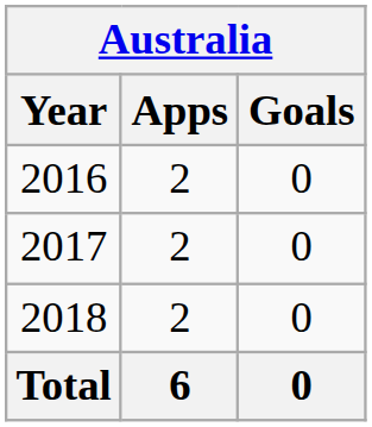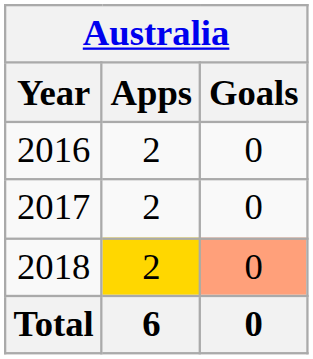 <table class="wikitable" style="text-align:center">
 <tr>
 <th colspan="3"><a href='#'>Australia</a></th>
 </tr>
 <tr>
 <th>Year</th>
 <th>Apps</th>
 <th>Goals</th>
 </tr>
 <tr>
 <td>2016</td>
 <td>2</td>
 <td>0</td>
 </tr>
 <tr>
 <td>2017</td>
 <td>2</td>
 <td>0</td>
 </tr>
 <tr>
 <td>2018</td>
-<td>2</td>
-<td>0</td>
+<td style="background: gold;">2</td>
+<td style="background: lightsalmon;">0</td>
 </tr>
 <tr>
 <th>Total</th>
 <th>6</th>
 <th>0</th>
 </tr>
 </table>
